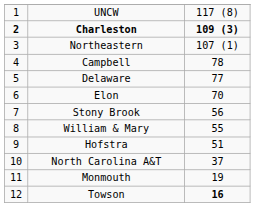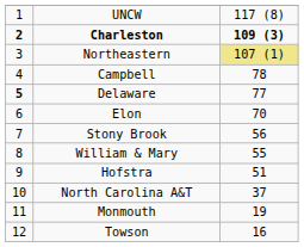 <table class="wikitable" style="width: 25%;text-align: center;">
 <tr align="center">
 </tr>
 <tr align="center">
 <td>1</td>
 <td>UNCW</td>
 <td>117 (8)</td>
 </tr>
 <tr align="center">
 <td><strong>2</strong></td>
 <td><strong>Charleston</strong></td>
 <td><strong>109 (3)</strong></td>
 </tr>
 <tr align="center">
 <td>3</td>
 <td>Northeastern</td>
-<td>107 (1)</td>
+<td style="background: khaki;">107 (1)</td>
 </tr>
 <tr align="center">
 <td>4</td>
 <td>Campbell</td>
 <td>78</td>
 </tr>
 <tr align="center">
-<td>5</td>
+<td><strong>5</strong></td>
 <td>Delaware</td>
 <td>77</td>
 </tr>
 <tr align="center">
 <td>6</td>
 <td>Elon</td>
 <td>70</td>
 </tr>
 <tr align="center">
 <td>7</td>
 <td>Stony Brook</td>
 <td>56</td>
 </tr>
 <tr align="center">
 <td>8</td>
 <td>William & Mary</td>
 <td>55</td>
 </tr>
 <tr align="center">
 <td>9</td>
 <td>Hofstra</td>
 <td>51</td>
 </tr>
 <tr align="center">
 <td>10</td>
 <td>North Carolina A&T</td>
 <td>37</td>
 </tr>
 <tr align="center">
 <td>11</td>
 <td>Monmouth</td>
 <td>19</td>
 </tr>
 <tr align="center">
 <td>12</td>
 <td>Towson</td>
-<td><strong>16</strong></td>
+<td>16</td>
 </tr>
 </table>
